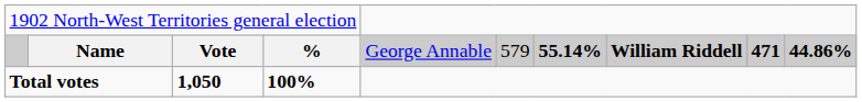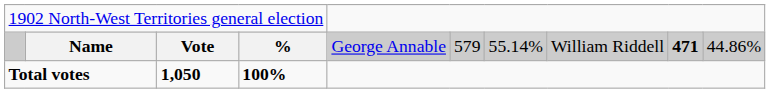 <table class="wikitable">
 <tr>
 <td colspan=4 align=center><a href='#'>1902 North-West Territories general election</a></td>
 </tr>
 <tr bgcolor="CCCCCC">
 <td></td>
 <th>Name</th>
 <th>Vote</th>
 <th>%<br></th>
 <td><a href='#'>George Annable</a></td>
 <td>579</td>
-<td><strong>55.14%<br></strong></td>
-<td><strong>William Riddell</strong></td>
+<td>55.14%<br></td>
+<td>William Riddell</td>
 <td><strong>471</strong></td>
-<td><strong>44.86%</strong></td>
+<td>44.86%</td>
 </tr>
 <tr>
 <td colspan=2><strong>Total votes</strong></td>
 <td><strong>1,050</strong></td>
 <td alignment="left"><strong>100%</strong></td>
 </tr>
 </table>
